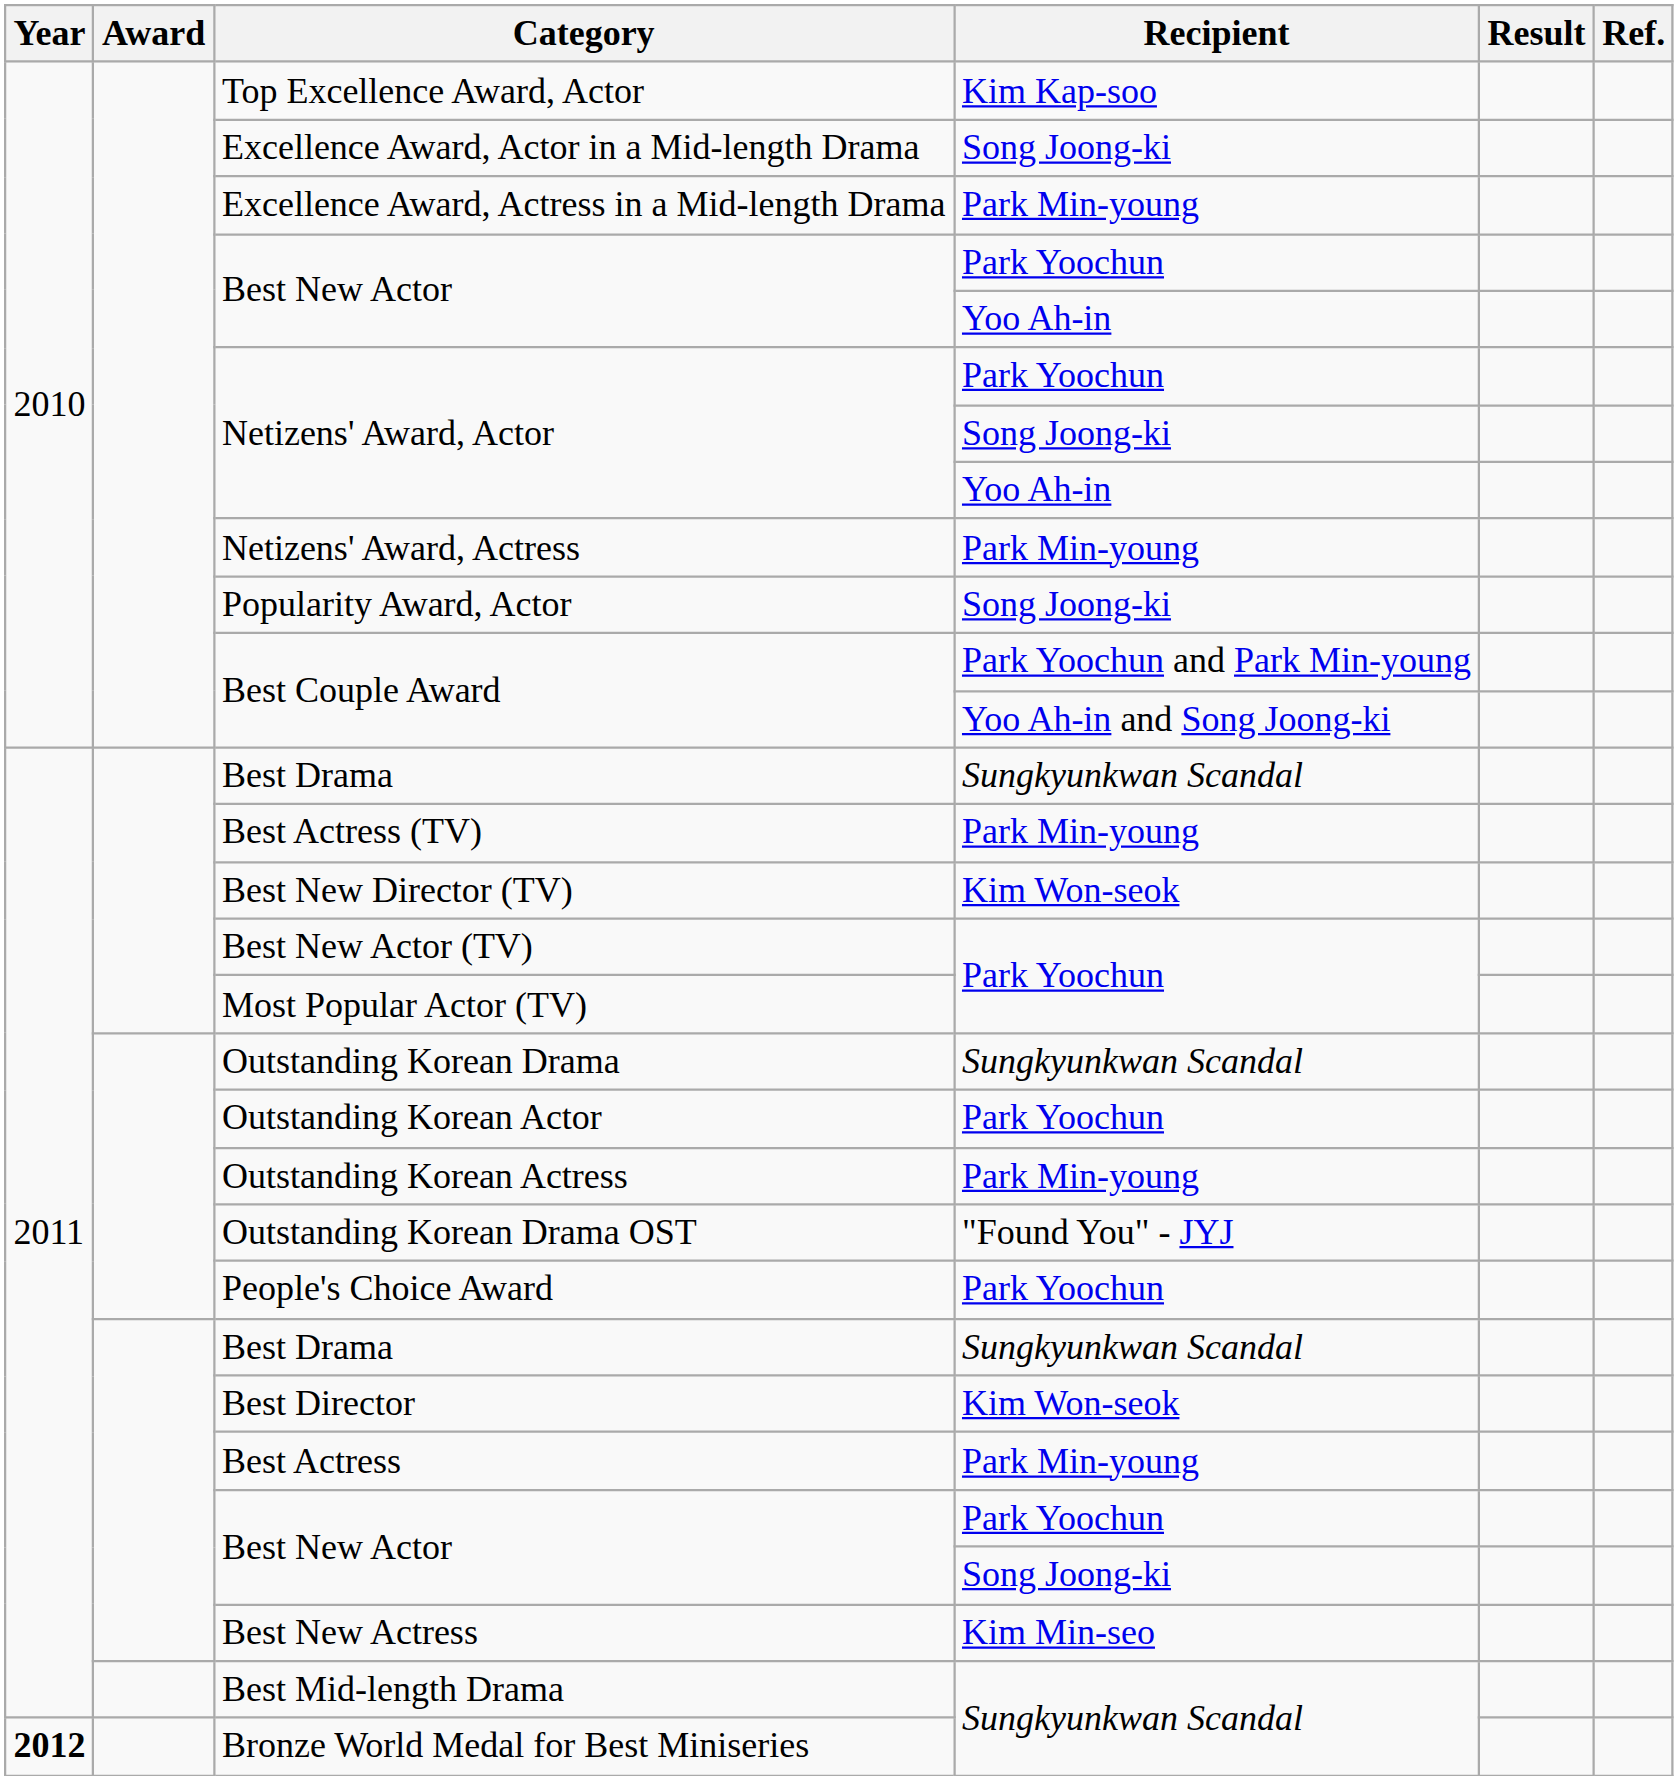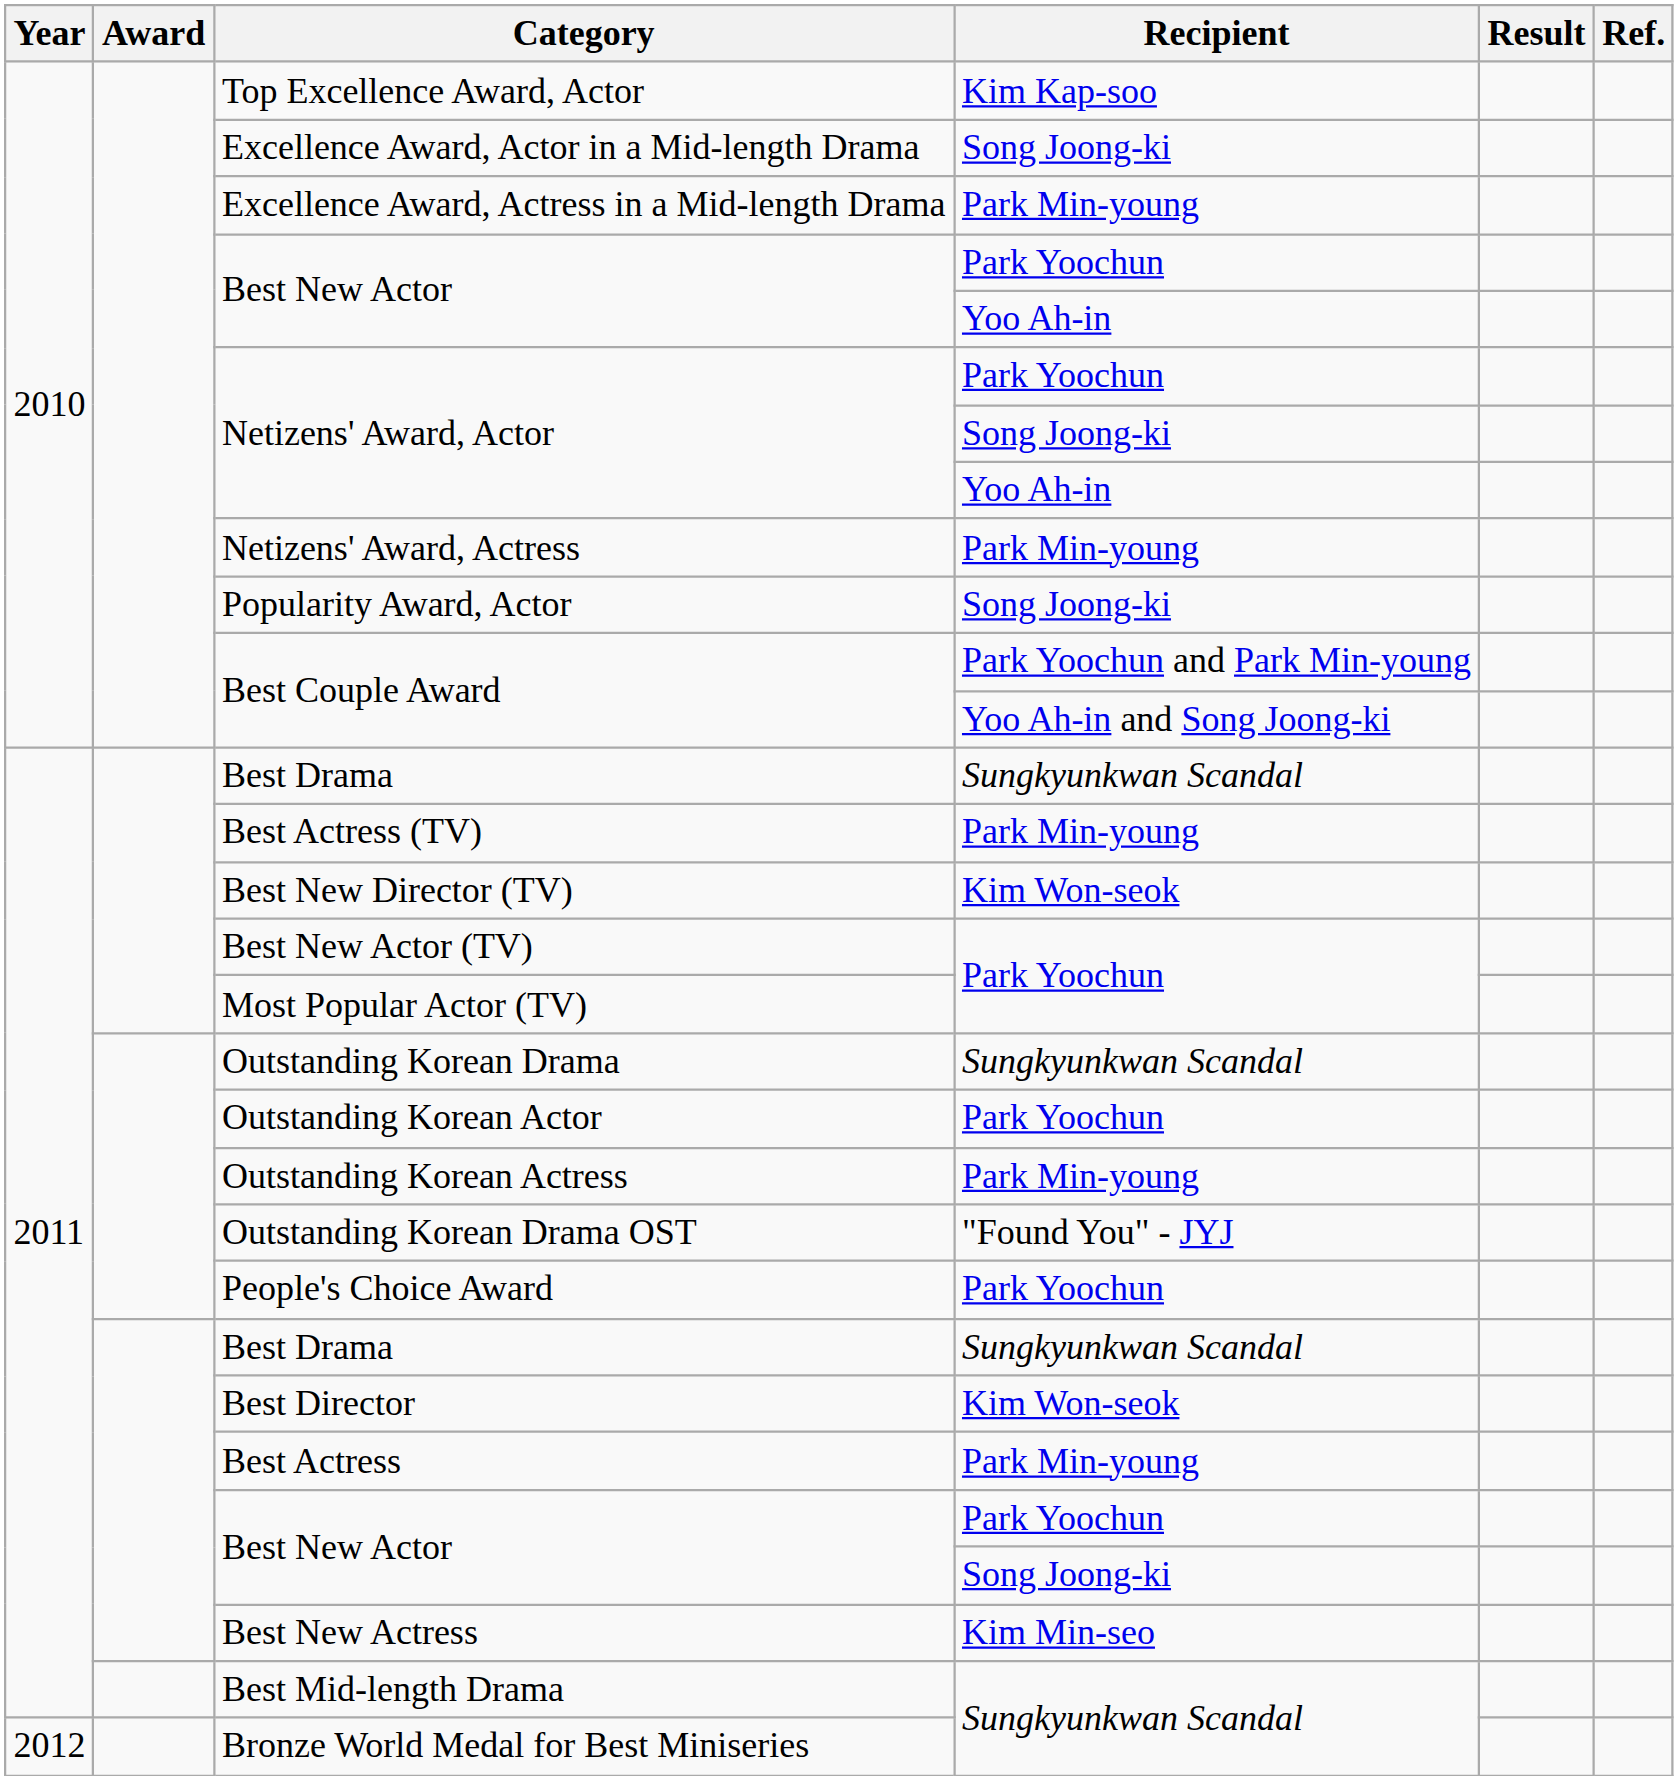 <table class="wikitable">
 <tr>
 <th>Year</th>
 <th>Award</th>
 <th>Category</th>
 <th>Recipient</th>
 <th>Result</th>
 <th>Ref.</th>
 </tr>
 <tr>
 <td rowspan=12>2010</td>
 <td rowspan=12></td>
 <td>Top Excellence Award, Actor</td>
 <td><a href='#'>Kim Kap-soo</a></td>
 <td></td>
 <td></td>
 </tr>
 <tr>
 <td>Excellence Award, Actor in a Mid-length Drama</td>
 <td><a href='#'>Song Joong-ki</a></td>
 <td></td>
 <td></td>
 </tr>
 <tr>
 <td>Excellence Award, Actress in a Mid-length Drama</td>
 <td><a href='#'>Park Min-young</a></td>
 <td></td>
 <td></td>
 </tr>
 <tr>
 <td rowspan=2>Best New Actor</td>
 <td><a href='#'>Park Yoochun</a></td>
 <td></td>
 <td></td>
 </tr>
 <tr>
 <td><a href='#'>Yoo Ah-in</a></td>
 <td></td>
 <td></td>
 </tr>
 <tr>
 <td rowspan=3>Netizens' Award, Actor</td>
 <td><a href='#'>Park Yoochun</a></td>
 <td></td>
 <td></td>
 </tr>
 <tr>
 <td><a href='#'>Song Joong-ki</a></td>
 <td></td>
 <td></td>
 </tr>
 <tr>
 <td><a href='#'>Yoo Ah-in</a></td>
 <td></td>
 <td></td>
 </tr>
 <tr>
 <td>Netizens' Award, Actress</td>
 <td><a href='#'>Park Min-young</a></td>
 <td></td>
 <td></td>
 </tr>
 <tr>
 <td>Popularity Award, Actor</td>
 <td><a href='#'>Song Joong-ki</a></td>
 <td></td>
 <td></td>
 </tr>
 <tr>
 <td rowspan=2>Best Couple Award</td>
 <td><a href='#'>Park Yoochun</a> and <a href='#'>Park Min-young</a></td>
 <td></td>
 <td></td>
 </tr>
 <tr>
 <td><a href='#'>Yoo Ah-in</a> and <a href='#'>Song Joong-ki</a></td>
 <td></td>
 <td></td>
 </tr>
 <tr>
 <td rowspan=17>2011</td>
 <td rowspan=5></td>
 <td>Best Drama</td>
 <td><em>Sungkyunkwan Scandal</em></td>
 <td></td>
 <td></td>
 </tr>
 <tr>
 <td>Best Actress (TV)</td>
 <td><a href='#'>Park Min-young</a></td>
 <td></td>
 <td></td>
 </tr>
 <tr>
 <td>Best New Director (TV)</td>
 <td><a href='#'>Kim Won-seok</a></td>
 <td></td>
 <td></td>
 </tr>
 <tr>
 <td>Best New Actor (TV)</td>
 <td rowspan="2"><a href='#'>Park Yoochun</a></td>
 <td></td>
 <td></td>
 </tr>
 <tr>
 <td>Most Popular Actor (TV)</td>
 <td></td>
 <td></td>
 </tr>
 <tr>
 <td rowspan=5></td>
 <td>Outstanding Korean Drama</td>
 <td><em>Sungkyunkwan Scandal</em></td>
 <td></td>
 <td></td>
 </tr>
 <tr>
 <td>Outstanding Korean Actor</td>
 <td><a href='#'>Park Yoochun</a></td>
 <td></td>
 <td></td>
 </tr>
 <tr>
 <td>Outstanding Korean Actress</td>
 <td><a href='#'>Park Min-young</a></td>
 <td></td>
 <td></td>
 </tr>
 <tr>
 <td>Outstanding Korean Drama OST</td>
 <td>"Found You" - <a href='#'>JYJ</a></td>
 <td></td>
 <td></td>
 </tr>
 <tr>
 <td>People's Choice Award</td>
 <td><a href='#'>Park Yoochun</a></td>
 <td></td>
 <td></td>
 </tr>
 <tr>
 <td rowspan=6></td>
 <td>Best Drama</td>
 <td><em>Sungkyunkwan Scandal</em></td>
 <td></td>
 <td></td>
 </tr>
 <tr>
 <td>Best Director</td>
 <td><a href='#'>Kim Won-seok</a></td>
 <td></td>
 <td></td>
 </tr>
 <tr>
 <td>Best Actress</td>
 <td><a href='#'>Park Min-young</a></td>
 <td></td>
 <td></td>
 </tr>
 <tr>
 <td rowspan=2>Best New Actor</td>
 <td><a href='#'>Park Yoochun</a></td>
 <td></td>
 <td></td>
 </tr>
 <tr>
 <td><a href='#'>Song Joong-ki</a></td>
 <td></td>
 <td></td>
 </tr>
 <tr>
 <td>Best New Actress</td>
 <td><a href='#'>Kim Min-seo</a></td>
 <td></td>
 <td></td>
 </tr>
 <tr>
 <td></td>
 <td>Best Mid-length Drama</td>
 <td rowspan="2"><em>Sungkyunkwan Scandal</em></td>
 <td></td>
 <td></td>
 </tr>
 <tr>
-<td><strong>2012</strong></td>
+<td>2012</td>
 <td></td>
 <td>Bronze World Medal for Best Miniseries</td>
 <td></td>
 <td></td>
 </tr>
 </table>
